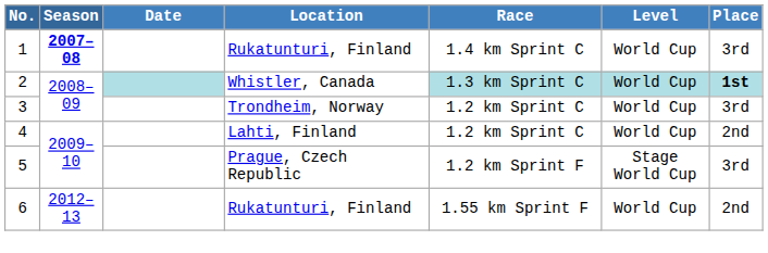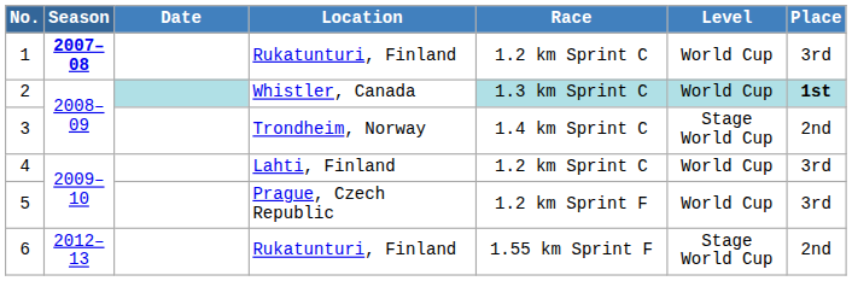 <table class="wikitable sortable" style="font-size:95%; text-align:center; border:grey solid 1px; border-collapse:collapse; background:#ffffff;">
 <tr style="background:#efefef;">
 <th style="background-color:#369; color:white;">No.</th>
 <th style="background-color:#369; color:white;">Season</th>
 <th style="background-color:#4180be; color:white; width:120px;">Date</th>
 <th style="background-color:#4180be; color:white; width:190px;">Location</th>
 <th style="background-color:#4180be; color:white; width:170px;">Race</th>
 <th style="background-color:#4180be; color:white; width:100px;">Level</th>
 <th style="background-color:#4180be; color:white;">Place</th>
 </tr>
 <tr>
 <td>1</td>
 <td><strong><a href='#'>2007–08</a></strong></td>
 <td style="text-align: right;"></td>
 <td style="text-align: left;"> <a href='#'>Rukatunturi</a>, Finland</td>
-<td>1.4 km Sprint C</td>
+<td>1.2 km Sprint C</td>
 <td>World Cup</td>
 <td>3rd</td>
 </tr>
 <tr>
 <td>2</td>
 <td rowspan="2"><a href='#'>2008–09</a></td>
 <td bgcolor="#BOEOE6" style="text-align: right;"></td>
 <td style="text-align: left;"> <a href='#'>Whistler</a>, Canada</td>
 <td bgcolor="#BOEOE6">1.3 km Sprint C</td>
 <td bgcolor="#BOEOE6">World Cup</td>
 <td bgcolor="#BOEOE6"><strong>1st</strong></td>
 </tr>
 <tr>
 <td>3</td>
 <td style="text-align: right;"></td>
 <td style="text-align: left;"> <a href='#'>Trondheim</a>, Norway</td>
-<td>1.2 km Sprint C</td>
-<td>World Cup</td>
-<td>3rd</td>
+<td>1.4 km Sprint C</td>
+<td>Stage World Cup</td>
+<td>2nd</td>
 </tr>
 <tr>
 <td>4</td>
 <td rowspan="2"><a href='#'>2009–10</a></td>
 <td style="text-align: right;"></td>
 <td style="text-align: left;"> <a href='#'>Lahti</a>, Finland</td>
 <td>1.2 km Sprint C</td>
 <td>World Cup</td>
-<td>2nd</td>
+<td>3rd</td>
 </tr>
 <tr>
 <td>5</td>
 <td style="text-align: right;"></td>
 <td style="text-align: left;"> <a href='#'>Prague</a>, Czech Republic</td>
 <td>1.2 km Sprint F</td>
-<td>Stage World Cup</td>
+<td>World Cup</td>
 <td>3rd</td>
 </tr>
 <tr>
 <td>6</td>
 <td><a href='#'>2012–13</a></td>
 <td style="text-align: right;"></td>
 <td style="text-align: left;"> <a href='#'>Rukatunturi</a>, Finland</td>
 <td>1.55 km Sprint F</td>
-<td>World Cup</td>
+<td>Stage World Cup</td>
 <td>2nd</td>
 </tr>
 </table>
